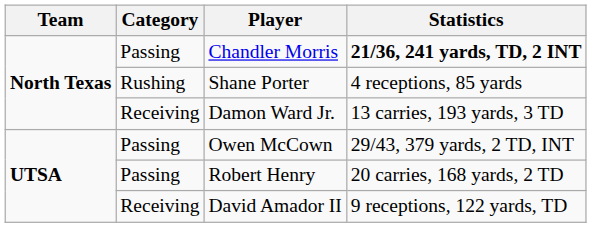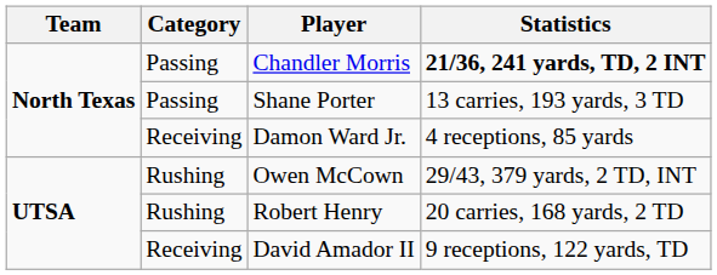 <table class="wikitable" style="float: right;">
 <tr>
 <th>Team</th>
 <th>Category</th>
 <th>Player</th>
 <th>Statistics</th>
 </tr>
 <tr>
 <td rowspan=3><strong>North Texas</strong></td>
 <td>Passing</td>
 <td><a href='#'>Chandler Morris</a></td>
 <td><strong>21/36, 241 yards, TD, 2 INT</strong></td>
 </tr>
 <tr>
-<td>Rushing</td>
+<td>Passing</td>
 <td>Shane Porter</td>
-<td>4 receptions, 85 yards</td>
+<td>13 carries, 193 yards, 3 TD</td>
 </tr>
 <tr>
 <td>Receiving</td>
 <td>Damon Ward Jr.</td>
-<td>13 carries, 193 yards, 3 TD</td>
+<td>4 receptions, 85 yards</td>
 </tr>
 <tr>
 <td rowspan=3><strong>UTSA</strong></td>
-<td>Passing</td>
+<td>Rushing</td>
 <td>Owen McCown</td>
 <td>29/43, 379 yards, 2 TD, INT</td>
 </tr>
 <tr>
-<td>Passing</td>
+<td>Rushing</td>
 <td>Robert Henry</td>
 <td>20 carries, 168 yards, 2 TD</td>
 </tr>
 <tr>
 <td>Receiving</td>
 <td>David Amador II</td>
 <td>9 receptions, 122 yards, TD</td>
 </tr>
 </table>
